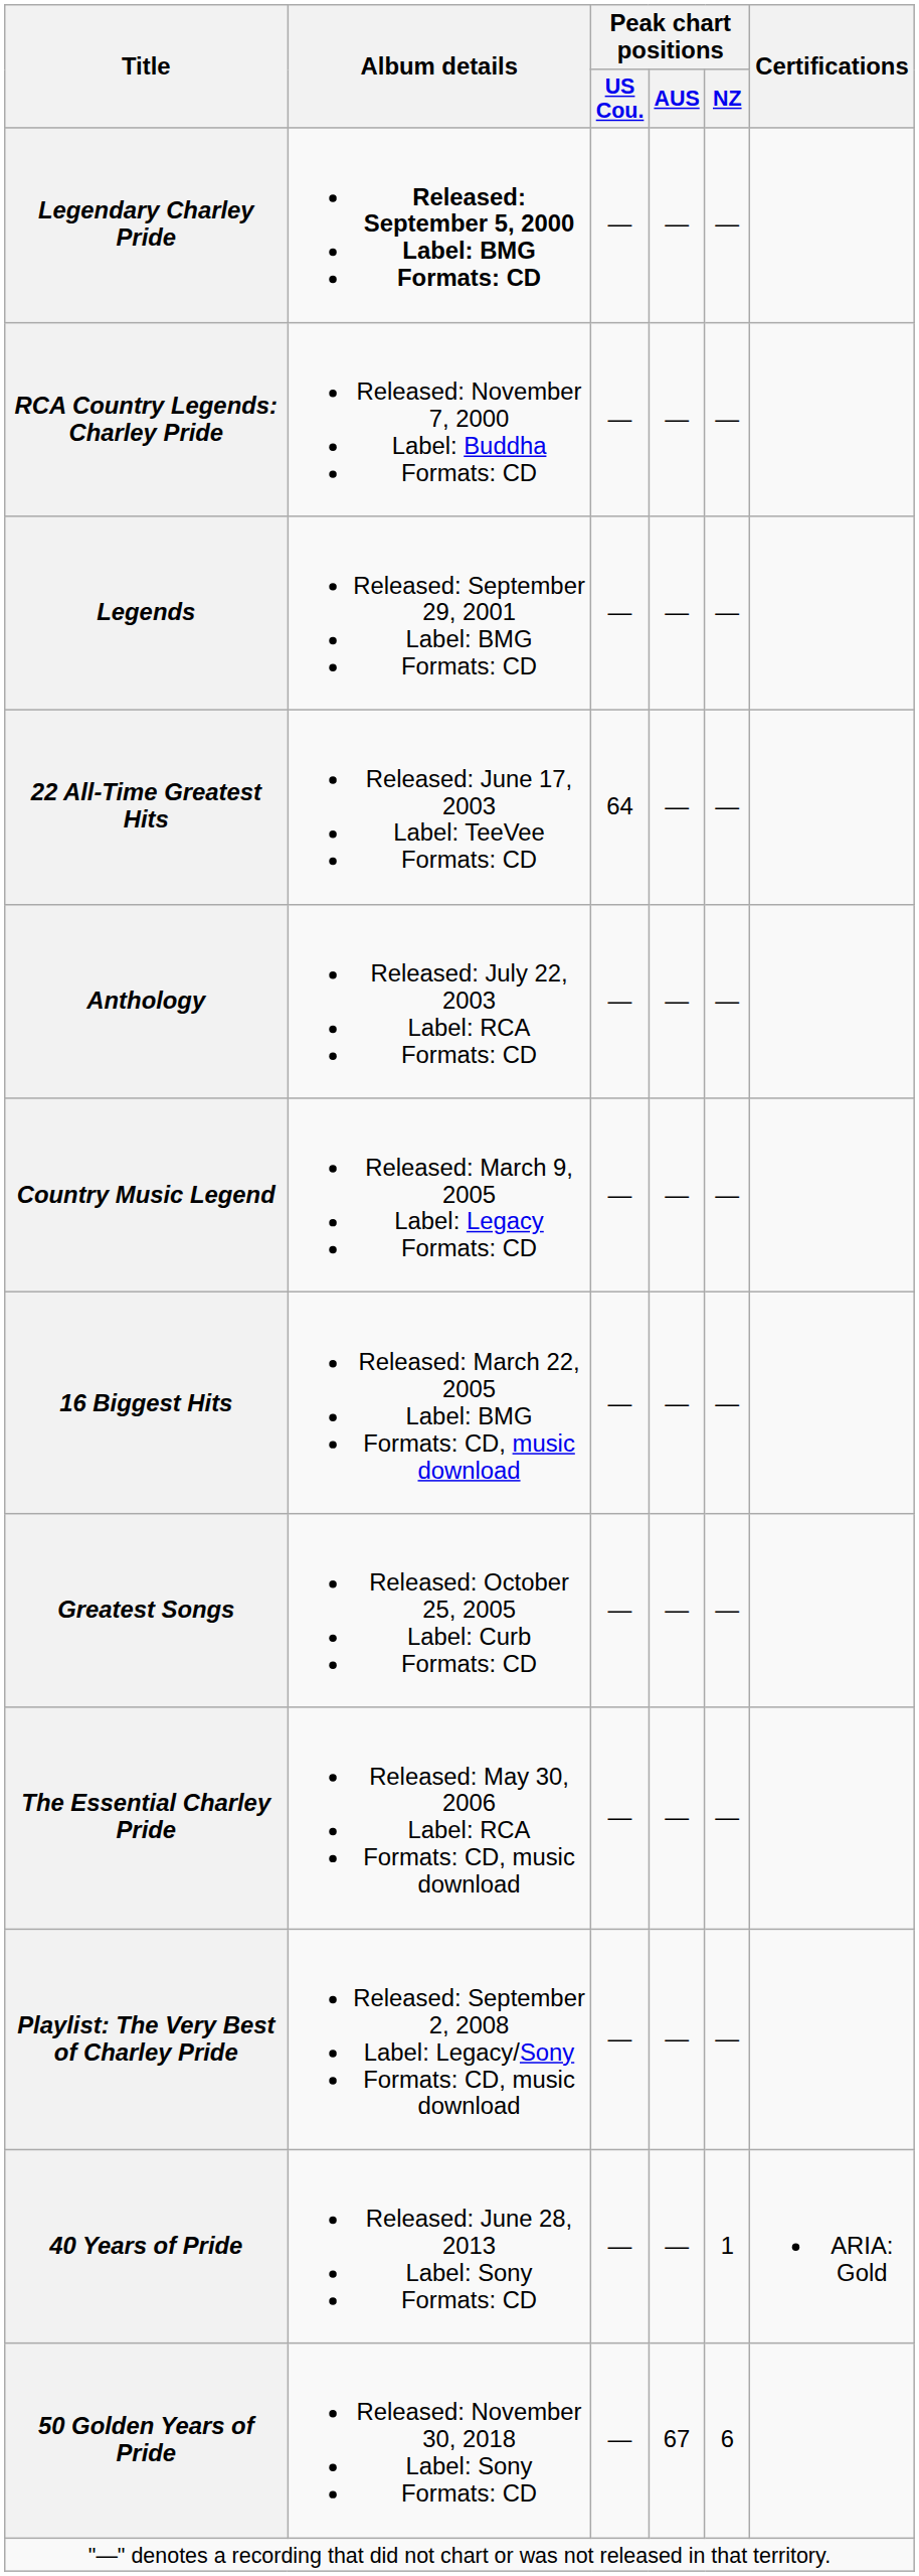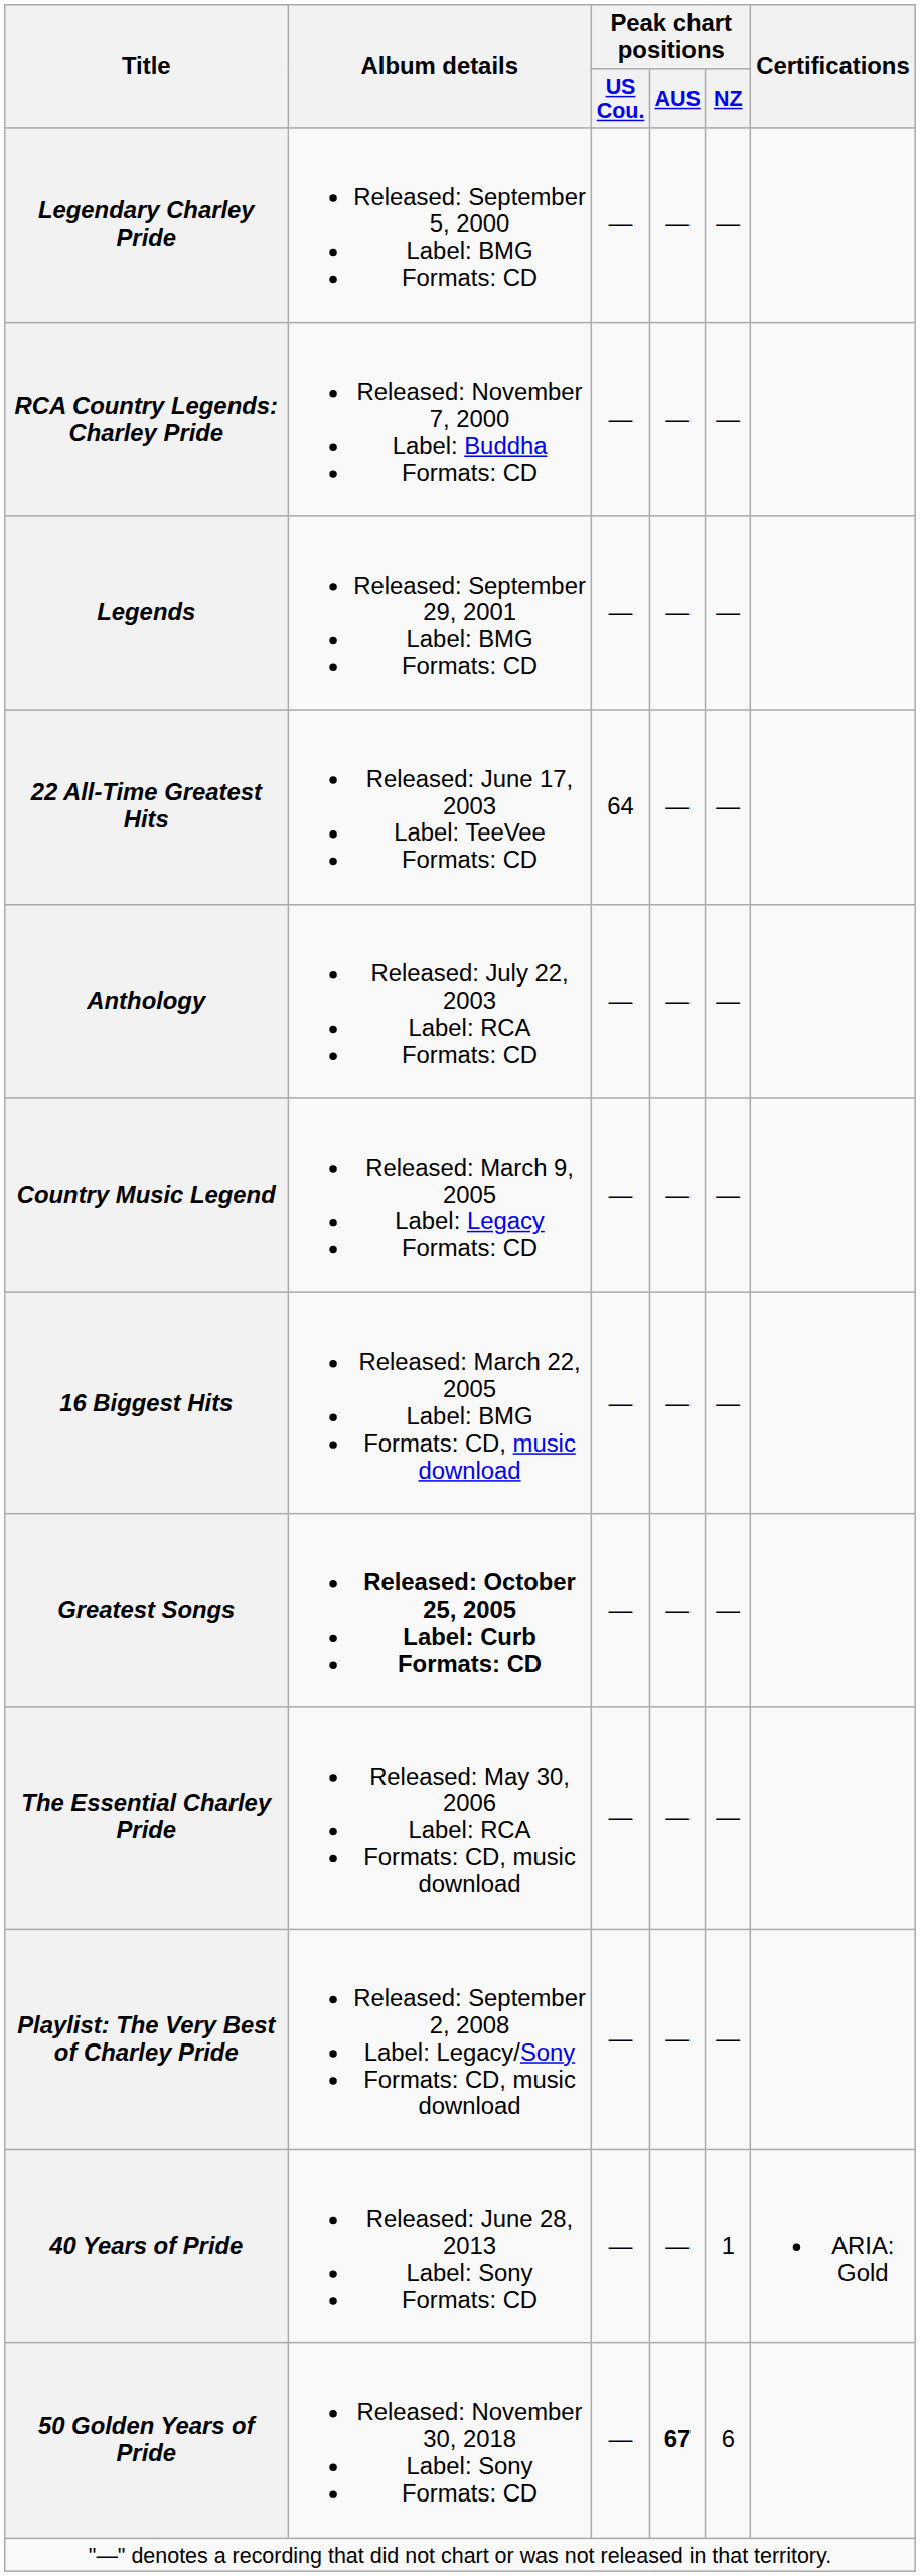 <table class="wikitable plainrowheaders" style="text-align:center;" border="1">
 <tr>
 <th scope="col" rowspan="2" style="width:19em;">Title</th>
 <th scope="col" rowspan="2" style="width:17em;">Album details</th>
 <th scope="col" colspan="3">Peak chart<br>positions</th>
 <th scope="col" rowspan="2">Certifications</th>
 </tr>
 <tr>
 <th scope="col" style="width:2em;font-size:90%;"><a href='#'>US<br>Cou.</a><br></th>
 <th scope="col" style="width:2em;font-size:90%;"><a href='#'>AUS</a><br></th>
 <th scope="col" style="width:2em;font-size:90%;"><a href='#'>NZ</a><br></th>
 </tr>
 <tr>
 <th scope="row"><em>Legendary Charley Pride</em></th>
-<td><strong><br><ul><li>Released: September 5, 2000</li><li>Label: BMG</li><li>Formats: CD</li></ul></strong></td>
+<td><br><ul><li>Released: September 5, 2000</li><li>Label: BMG</li><li>Formats: CD</li></ul></td>
 <td>—</td>
 <td>—</td>
 <td>—</td>
 <td></td>
 </tr>
 <tr>
 <th scope="row"><em>RCA Country Legends: Charley Pride</em></th>
 <td><br><ul><li>Released: November 7, 2000</li><li>Label: <a href='#'>Buddha</a></li><li>Formats: CD</li></ul></td>
 <td>—</td>
 <td>—</td>
 <td>—</td>
 <td></td>
 </tr>
 <tr>
 <th scope="row"><em>Legends</em></th>
 <td><br><ul><li>Released: September 29, 2001</li><li>Label: BMG</li><li>Formats: CD</li></ul></td>
 <td>—</td>
 <td>—</td>
 <td>—</td>
 <td></td>
 </tr>
 <tr>
 <th scope="row"><em>22 All-Time Greatest Hits</em></th>
 <td><br><ul><li>Released: June 17, 2003</li><li>Label: TeeVee</li><li>Formats: CD</li></ul></td>
 <td>64</td>
 <td>—</td>
 <td>—</td>
 <td></td>
 </tr>
 <tr>
 <th scope="row"><em>Anthology</em></th>
 <td><br><ul><li>Released: July 22, 2003</li><li>Label: RCA</li><li>Formats: CD</li></ul></td>
 <td>—</td>
 <td>—</td>
 <td>—</td>
 <td></td>
 </tr>
 <tr>
 <th scope="row"><em>Country Music Legend</em></th>
 <td><br><ul><li>Released: March 9, 2005</li><li>Label: <a href='#'>Legacy</a></li><li>Formats: CD</li></ul></td>
 <td>—</td>
 <td>—</td>
 <td>—</td>
 <td></td>
 </tr>
 <tr>
 <th scope="row"><em>16 Biggest Hits</em></th>
 <td><br><ul><li>Released: March 22, 2005</li><li>Label: BMG</li><li>Formats: CD, <a href='#'>music download</a></li></ul></td>
 <td>—</td>
 <td>—</td>
 <td>—</td>
 <td></td>
 </tr>
 <tr>
 <th scope="row"><em>Greatest Songs</em></th>
-<td><br><ul><li>Released: October 25, 2005</li><li>Label: Curb</li><li>Formats: CD</li></ul></td>
+<td><strong><br><ul><li>Released: October 25, 2005</li><li>Label: Curb</li><li>Formats: CD</li></ul></strong></td>
 <td>—</td>
 <td>—</td>
 <td>—</td>
 <td></td>
 </tr>
 <tr>
 <th scope="row"><em>The Essential Charley Pride</em></th>
 <td><br><ul><li>Released: May 30, 2006</li><li>Label: RCA</li><li>Formats: CD, music download</li></ul></td>
 <td>—</td>
 <td>—</td>
 <td>—</td>
 <td></td>
 </tr>
 <tr>
 <th scope="row"><em>Playlist: The Very Best of Charley Pride</em></th>
 <td><br><ul><li>Released: September 2, 2008</li><li>Label: Legacy/<a href='#'>Sony</a></li><li>Formats: CD, music download</li></ul></td>
 <td>—</td>
 <td>—</td>
 <td>—</td>
 <td></td>
 </tr>
 <tr>
 <th scope="row"><em>40 Years of Pride</em></th>
 <td><br><ul><li>Released: June 28, 2013</li><li>Label: Sony</li><li>Formats: CD</li></ul></td>
 <td>—</td>
 <td>—</td>
 <td>1</td>
 <td><br><ul><li>ARIA: Gold</li></ul></td>
 </tr>
 <tr>
 <th scope="row"><em>50 Golden Years of Pride</em></th>
 <td><br><ul><li>Released: November 30, 2018</li><li>Label: Sony</li><li>Formats: CD</li></ul></td>
 <td>—</td>
-<td>67</td>
+<td><strong>67</strong></td>
 <td>6</td>
 <td></td>
 </tr>
 <tr>
 <td colspan="6" style="font-size:90%">"—" denotes a recording that did not chart or was not released in that territory.</td>
 </tr>
 </table>
